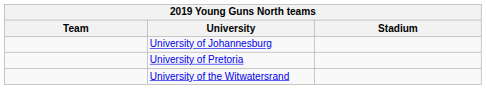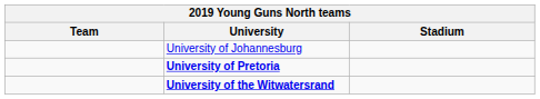 <table class="wikitable sortable" style="text-align:left; font-size:100%; width:60%">
 <tr>
 <th colspan="100%">2019 Young Guns North teams</th>
 </tr>
 <tr>
 <th style="width:30%;">Team</th>
 <th style="width:35%;">University</th>
 <th style="width:35%;">Stadium</th>
 </tr>
 <tr>
 <td></td>
 <td><a href='#'>University of Johannesburg</a></td>
 <td></td>
 </tr>
 <tr>
 <td></td>
-<td><a href='#'>University of Pretoria</a></td>
+<td><strong><a href='#'>University of Pretoria</a></strong></td>
 <td></td>
 </tr>
 <tr>
 <td></td>
-<td><a href='#'>University of the Witwatersrand</a></td>
+<td><strong><a href='#'>University of the Witwatersrand</a></strong></td>
 <td></td>
 </tr>
 </table>
